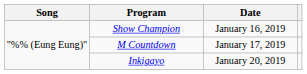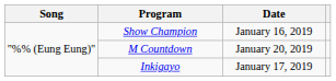 <table class="wikitable" style="text-align:center">
 <tr>
 <th>Song</th>
 <th width="170">Program</th>
 <th width="140">Date</th>
 <th></th>
 </tr>
 <tr>
 <td rowspan="3">"%% (Eung Eung)"</td>
 <td><em><a href='#'>Show Champion</a></em></td>
 <td>January 16, 2019</td>
 <td></td>
 </tr>
 <tr>
 <td><em><a href='#'>M Countdown</a></em></td>
-<td>January 17, 2019</td>
+<td>January 20, 2019</td>
 <td></td>
 </tr>
 <tr>
 <td><em><a href='#'>Inkigayo</a></em></td>
-<td>January 20, 2019</td>
+<td>January 17, 2019</td>
 <td></td>
 </tr>
 </table>
